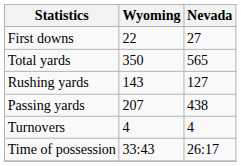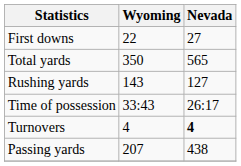 <table class="wikitable">
 <tr>
 <th>Statistics</th>
 <th>Wyoming</th>
 <th>Nevada</th>
 </tr>
 <tr>
 <td>First downs</td>
 <td>22</td>
 <td>27</td>
 </tr>
 <tr>
 <td>Total yards</td>
 <td>350</td>
 <td>565</td>
 </tr>
 <tr>
 <td>Rushing yards</td>
 <td>143</td>
 <td>127</td>
 </tr>
 <tr>
+<td>Time of possession</td>
+<td>33:43</td>
+<td>26:17</td>
+</tr>
+<tr>
+<td>Turnovers</td>
+<td>4</td>
+<td><strong>4</strong></td>
+</tr>
+<tr>
 <td>Passing yards</td>
 <td>207</td>
 <td>438</td>
 </tr>
 <tr>
-<td>Turnovers</td>
-<td>4</td>
-<td>4</td>
-</tr>
-<tr>
-<td>Time of possession</td>
-<td>33:43</td>
-<td>26:17</td>
-</tr>
-<tr>
 </tr>
 </table>
